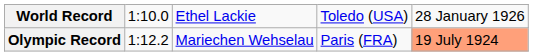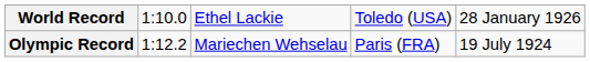 <table class="wikitable" style="font-size:95%;">
 <tr>
 <th>World Record</th>
 <td>1:10.0</td>
 <td> <a href='#'>Ethel Lackie</a></td>
 <td><a href='#'>Toledo</a> (<a href='#'>USA</a>)</td>
 <td>28 January 1926</td>
 </tr>
 <tr>
 <th>Olympic Record</th>
 <td>1:12.2</td>
 <td> <a href='#'>Mariechen Wehselau</a></td>
 <td><a href='#'>Paris</a> (<a href='#'>FRA</a>)</td>
-<td style="background: lightsalmon;">19 July 1924</td>
+<td>19 July 1924</td>
 </tr>
 </table>
